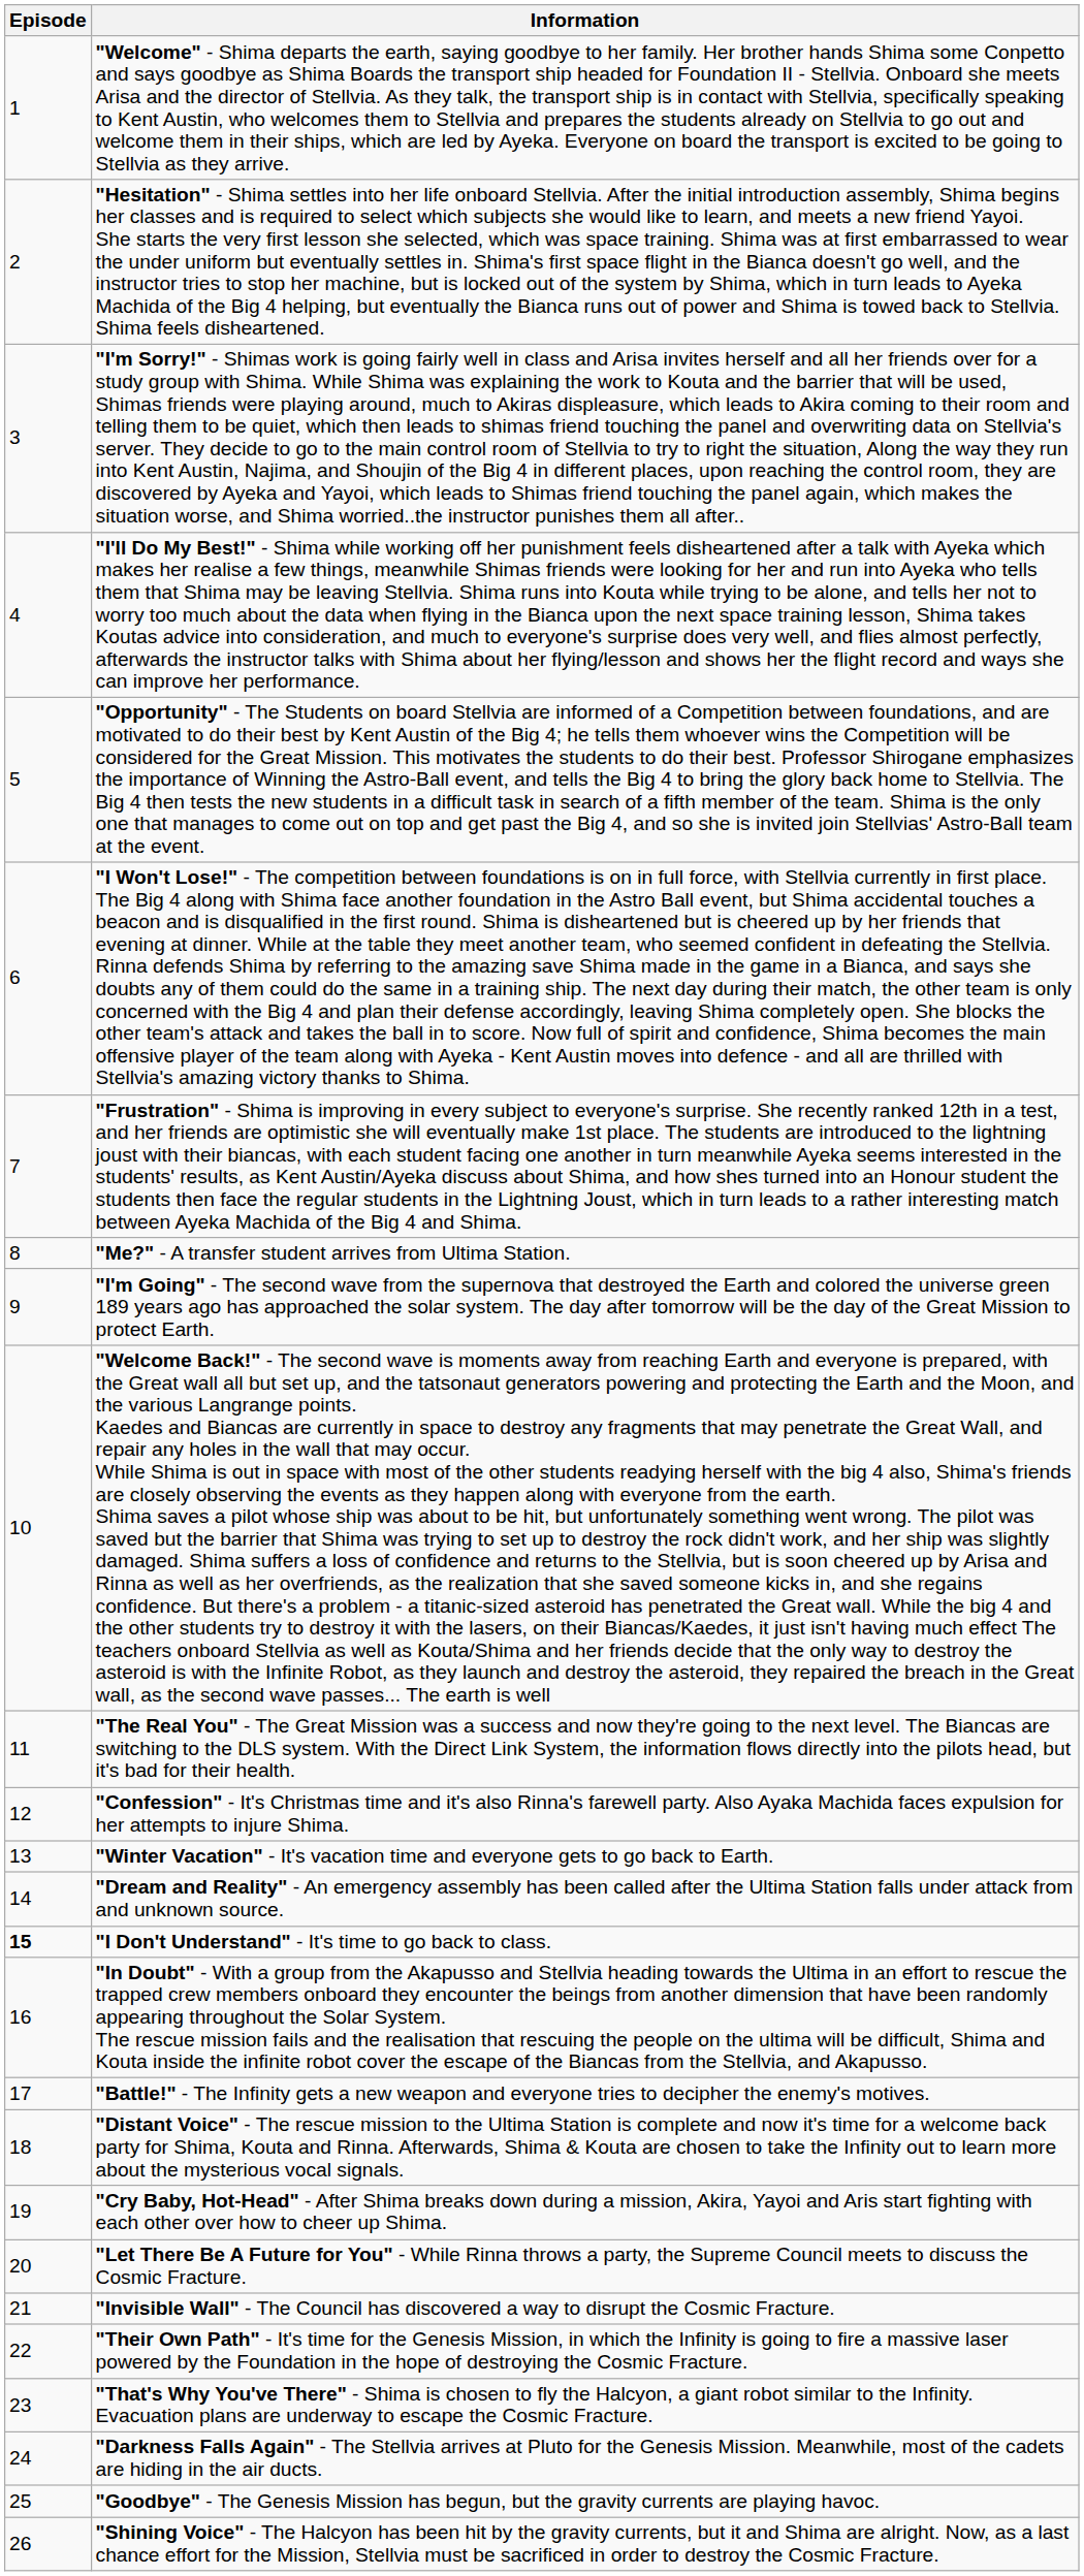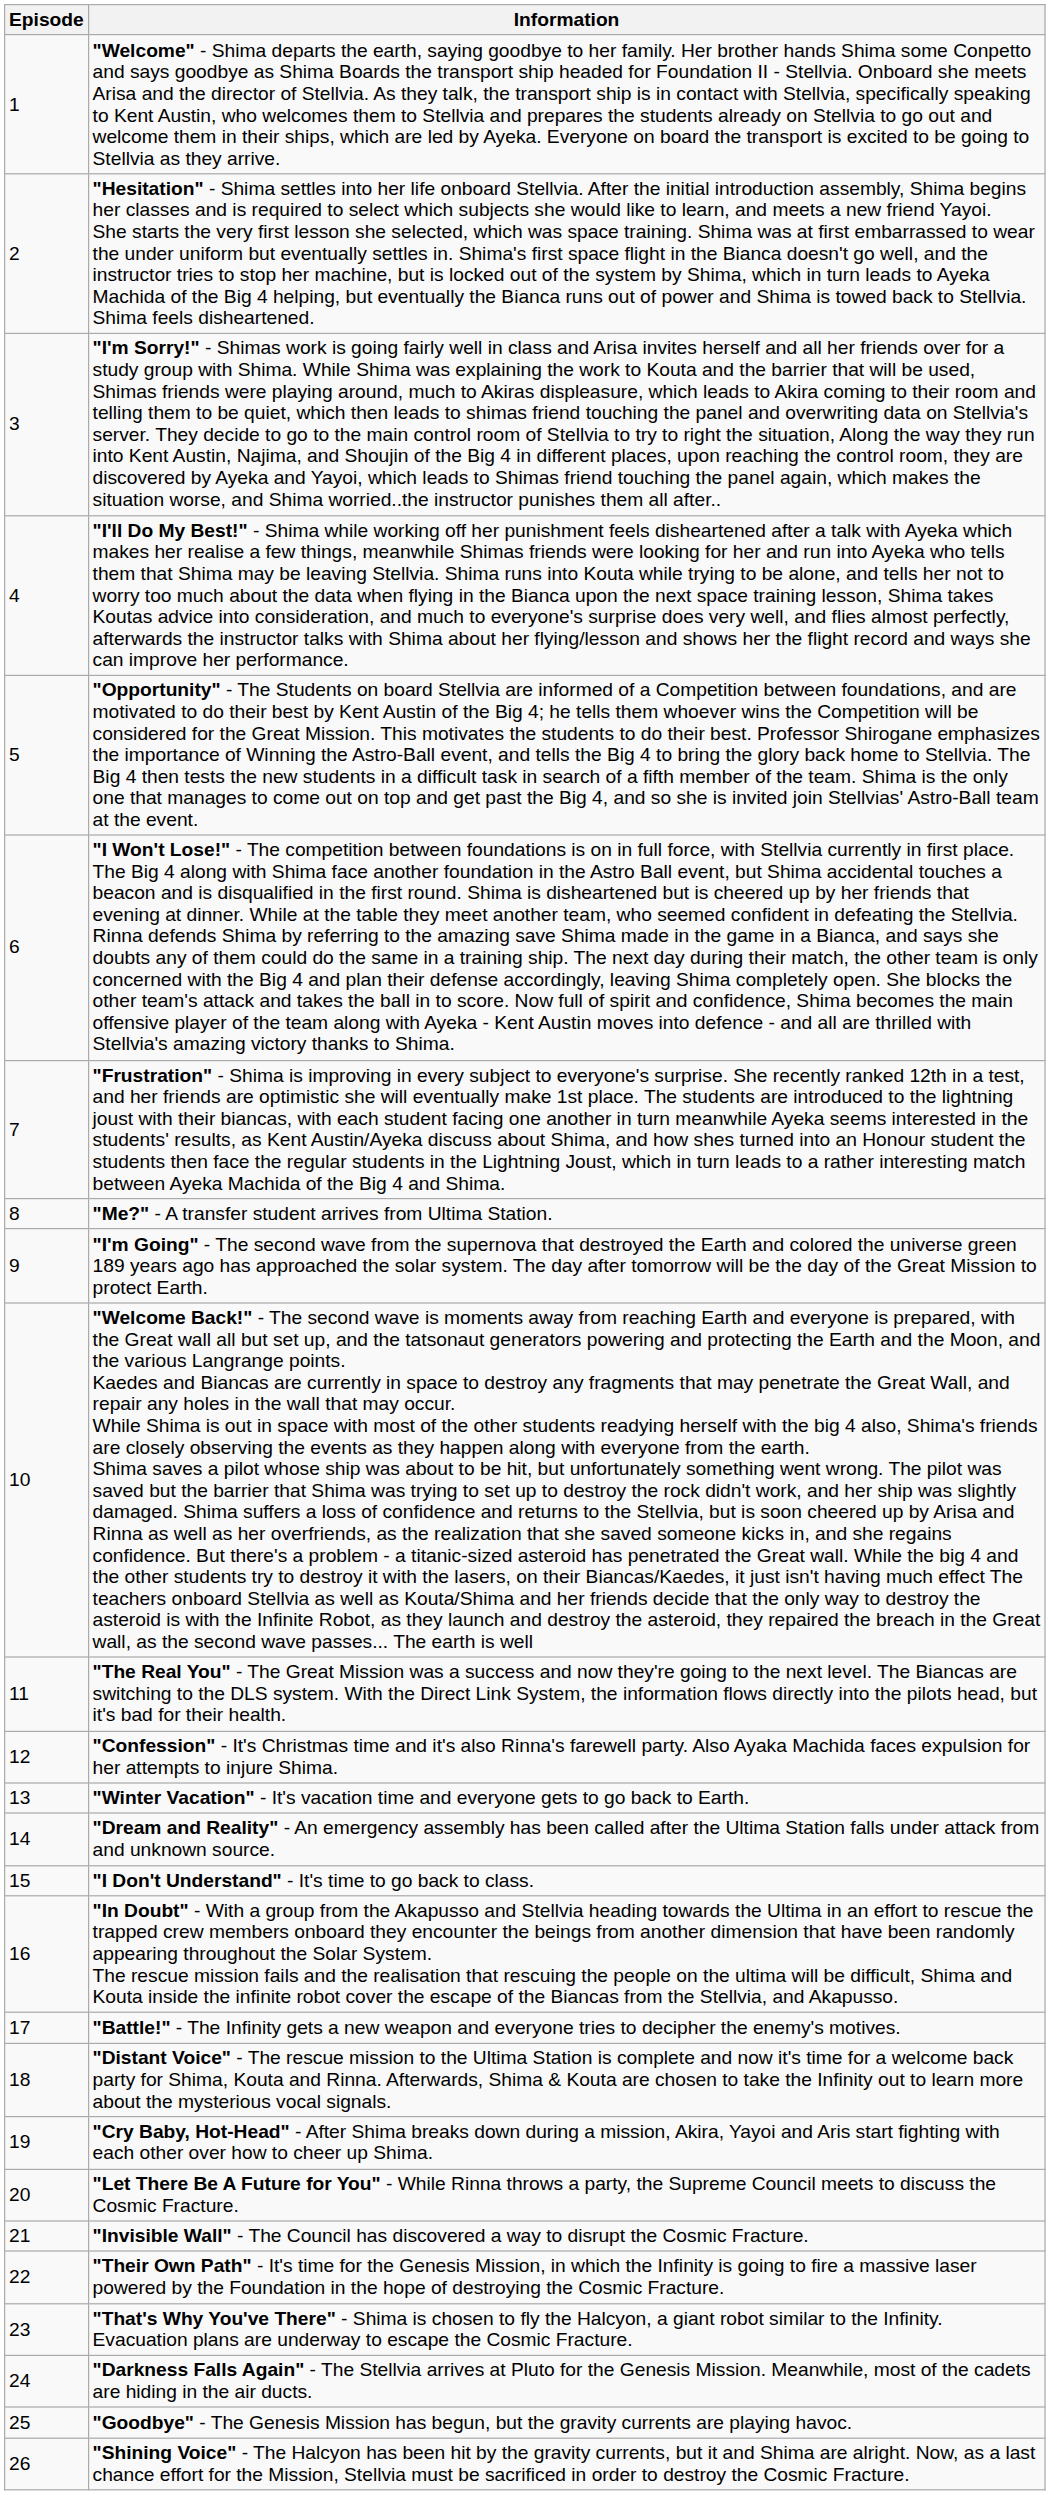 <table class="wikitable">
 <tr>
 <th>Episode</th>
 <th>Information</th>
 </tr>
 <tr>
 <td>1</td>
 <td><strong>"Welcome"</strong> - Shima departs the earth, saying goodbye to her family. Her brother hands Shima some Conpetto and says goodbye as Shima Boards the transport ship headed for Foundation II - Stellvia. Onboard she meets Arisa and the director of Stellvia. As they talk, the transport ship is in contact with Stellvia, specifically speaking to Kent Austin, who welcomes them to Stellvia and prepares the students already on Stellvia to go out and welcome them in their ships, which are led by Ayeka. Everyone on board the transport is excited to be going to Stellvia as they arrive.</td>
 </tr>
 <tr>
 <td>2</td>
 <td><strong>"Hesitation"</strong> - Shima settles into her life onboard Stellvia. After the initial introduction assembly, Shima begins her classes and is required to select which subjects she would like to learn, and meets a new friend Yayoi.<br>She starts the very first lesson she selected, which was space training. Shima was at first embarrassed to wear the under uniform but eventually settles in. Shima's first space flight in the Bianca doesn't go well, and the instructor tries to stop her machine, but is locked out of the system by Shima, which in turn leads to Ayeka Machida of the Big 4 helping, but eventually the Bianca runs out of power and Shima is towed back to Stellvia. Shima feels disheartened.</td>
 </tr>
 <tr>
 <td>3</td>
 <td><strong>"I'm Sorry!"</strong> - Shimas work is going fairly well in class and Arisa invites herself and all her friends over for a study group with Shima. While Shima was explaining the work to Kouta and the barrier that will be used, Shimas friends were playing around, much to Akiras displeasure, which leads to Akira coming to their room and telling them to be quiet, which then leads to shimas friend touching the panel and overwriting data on Stellvia's server. They decide to go to the main control room of Stellvia to try to right the situation, Along the way they run into Kent Austin, Najima, and Shoujin of the Big 4 in different places, upon reaching the control room, they are discovered by Ayeka and Yayoi, which leads to Shimas friend touching the panel again, which makes the situation worse, and Shima worried..the instructor punishes them all after..</td>
 </tr>
 <tr>
 <td>4</td>
 <td><strong>"I'll Do My Best!"</strong> - Shima while working off her punishment feels disheartened after a talk with Ayeka which makes her realise a few things, meanwhile Shimas friends were looking for her and run into Ayeka who tells them that Shima may be leaving Stellvia. Shima runs into Kouta while trying to be alone, and tells her not to worry too much about the data when flying in the Bianca upon the next space training lesson, Shima takes Koutas advice into consideration, and much to everyone's surprise does very well, and flies almost perfectly, afterwards the instructor talks with Shima about her flying/lesson and shows her the flight record and ways she can improve her performance.</td>
 </tr>
 <tr>
 <td>5</td>
 <td><strong>"Opportunity"</strong> - The Students on board Stellvia are informed of a Competition between foundations, and are motivated to do their best by Kent Austin of the Big 4; he tells them whoever wins the Competition will be considered for the Great Mission. This motivates the students to do their best. Professor Shirogane emphasizes the importance of Winning the Astro-Ball event, and tells the Big 4 to bring the glory back home to Stellvia. The Big 4 then tests the new students in a difficult task in search of a fifth member of the team. Shima is the only one that manages to come out on top and get past the Big 4, and so she is invited join Stellvias' Astro-Ball team at the event.</td>
 </tr>
 <tr>
 <td>6</td>
 <td><strong>"I Won't Lose!"</strong> - The competition between foundations is on in full force, with Stellvia currently in first place. The Big 4 along with Shima face another foundation in the Astro Ball event, but Shima accidental touches a beacon and is disqualified in the first round. Shima is disheartened but is cheered up by her friends that evening at dinner. While at the table they meet another team, who seemed confident in defeating the Stellvia. Rinna defends Shima by referring to the amazing save Shima made in the game in a Bianca, and says she doubts any of them could do the same in a training ship. The next day during their match, the other team is only concerned with the Big 4 and plan their defense accordingly, leaving Shima completely open. She blocks the other team's attack and takes the ball in to score. Now full of spirit and confidence, Shima becomes the main offensive player of the team along with Ayeka - Kent Austin moves into defence - and all are thrilled with Stellvia's amazing victory thanks to Shima.</td>
 </tr>
 <tr>
 <td>7</td>
 <td><strong>"Frustration"</strong> - Shima is improving in every subject to everyone's surprise. She recently ranked 12th in a test, and her friends are optimistic she will eventually make 1st place. The students are introduced to the lightning joust with their biancas, with each student facing one another in turn meanwhile Ayeka seems interested in the students' results, as Kent Austin/Ayeka discuss about Shima, and how shes turned into an Honour student the students then face the regular students in the Lightning Joust, which in turn leads to a rather interesting match between Ayeka Machida of the Big 4 and Shima.</td>
 </tr>
 <tr>
 <td>8</td>
 <td><strong>"Me?"</strong> - A transfer student arrives from Ultima Station.</td>
 </tr>
 <tr>
 <td>9</td>
 <td><strong>"I'm Going"</strong> - The second wave from the supernova that destroyed the Earth and colored the universe green 189 years ago has approached the solar system. The day after tomorrow will be the day of the Great Mission to protect Earth.</td>
 </tr>
 <tr>
 <td>10</td>
 <td><strong>"Welcome Back!"</strong> - The second wave is moments away from reaching Earth and everyone is prepared, with the Great wall all but set up, and the tatsonaut generators powering and protecting the Earth and the Moon, and the various Langrange points.<br>Kaedes and Biancas are currently in space to destroy any fragments that may penetrate the Great Wall, and repair any holes in the wall that may occur.<br>While Shima is out in space with most of the other students readying herself with the big 4 also, Shima's friends are closely observing the events as they happen along with everyone from the earth.<br>Shima saves a pilot whose ship was about to be hit, but unfortunately something went wrong. The pilot was saved but the barrier that Shima was trying to set up to destroy the rock didn't work, and her ship was slightly damaged. Shima suffers a loss of confidence and returns to the Stellvia, but is soon cheered up by Arisa and Rinna as well as her overfriends, as the realization that she saved someone kicks in, and she regains confidence. But there's a problem - a titanic-sized asteroid has penetrated the Great wall. While the big 4 and the other students try to destroy it with the lasers, on their Biancas/Kaedes, it just isn't having much effect The teachers onboard Stellvia as well as Kouta/Shima and her friends decide that the only way to destroy the asteroid is with the Infinite Robot, as they launch and destroy the asteroid, they repaired the breach in the Great wall, as the second wave passes... The earth is well</td>
 </tr>
 <tr>
 <td>11</td>
 <td><strong>"The Real You"</strong> - The Great Mission was a success and now they're going to the next level. The Biancas are switching to the DLS system. With the Direct Link System, the information flows directly into the pilots head, but it's bad for their health.</td>
 </tr>
 <tr>
 <td>12</td>
 <td><strong>"Confession"</strong> - It's Christmas time and it's also Rinna's farewell party. Also Ayaka Machida faces expulsion for her attempts to injure Shima.</td>
 </tr>
 <tr>
 <td>13</td>
 <td><strong>"Winter Vacation"</strong> - It's vacation time and everyone gets to go back to Earth.</td>
 </tr>
 <tr>
 <td>14</td>
 <td><strong>"Dream and Reality"</strong> - An emergency assembly has been called after the Ultima Station falls under attack from and unknown source.</td>
 </tr>
 <tr>
-<td><strong>15</strong></td>
+<td>15</td>
 <td><strong>"I Don't Understand"</strong> - It's time to go back to class.</td>
 </tr>
 <tr>
 <td>16</td>
 <td><strong>"In Doubt"</strong> - With a group from the Akapusso and Stellvia heading towards the Ultima in an effort to rescue the trapped crew members onboard they encounter the beings from another dimension that have been randomly appearing throughout the Solar System.<br>The rescue mission fails and the realisation that rescuing the people on the ultima will be difficult, Shima and Kouta inside the infinite robot cover the escape of the Biancas from the Stellvia, and Akapusso.</td>
 </tr>
 <tr>
 <td>17</td>
 <td><strong>"Battle!"</strong> - The Infinity gets a new weapon and everyone tries to decipher the enemy's motives.</td>
 </tr>
 <tr>
 <td>18</td>
 <td><strong>"Distant Voice"</strong> - The rescue mission to the Ultima Station is complete and now it's time for a welcome back party for Shima, Kouta and Rinna. Afterwards, Shima & Kouta are chosen to take the Infinity out to learn more about the mysterious vocal signals.</td>
 </tr>
 <tr>
 <td>19</td>
 <td><strong>"Cry Baby, Hot-Head"</strong> - After Shima breaks down during a mission, Akira, Yayoi and Aris start fighting with each other over how to cheer up Shima.</td>
 </tr>
 <tr>
 <td>20</td>
 <td><strong>"Let There Be A Future for You"</strong> - While Rinna throws a party, the Supreme Council meets to discuss the Cosmic Fracture.</td>
 </tr>
 <tr>
 <td>21</td>
 <td><strong>"Invisible Wall"</strong> - The Council has discovered a way to disrupt the Cosmic Fracture.</td>
 </tr>
 <tr>
 <td>22</td>
 <td><strong>"Their Own Path"</strong> - It's time for the Genesis Mission, in which the Infinity is going to fire a massive laser powered by the Foundation in the hope of destroying the Cosmic Fracture.</td>
 </tr>
 <tr>
 <td>23</td>
 <td><strong>"That's Why You've There"</strong> - Shima is chosen to fly the Halcyon, a giant robot similar to the Infinity. Evacuation plans are underway to escape the Cosmic Fracture.</td>
 </tr>
 <tr>
 <td>24</td>
 <td><strong>"Darkness Falls Again"</strong> - The Stellvia arrives at Pluto for the Genesis Mission. Meanwhile, most of the cadets are hiding in the air ducts.</td>
 </tr>
 <tr>
 <td>25</td>
 <td><strong>"Goodbye"</strong> - The Genesis Mission has begun, but the gravity currents are playing havoc.</td>
 </tr>
 <tr>
 <td>26</td>
 <td><strong>"Shining Voice"</strong> - The Halcyon has been hit by the gravity currents, but it and Shima are alright. Now, as a last chance effort for the Mission, Stellvia must be sacrificed in order to destroy the Cosmic Fracture.</td>
 </tr>
 </table>
